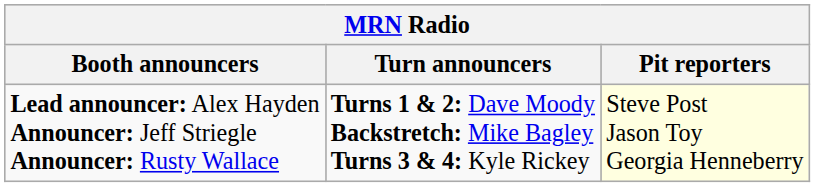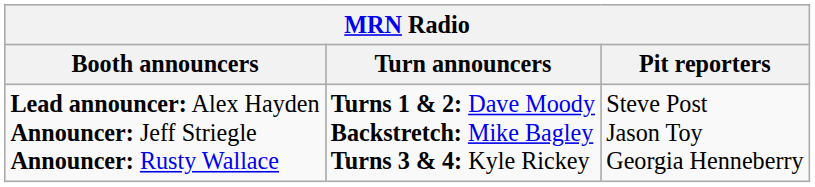 <table class="wikitable" style="font-size: 95%;">
 <tr>
 <th colspan="3"><a href='#'>MRN</a> Radio</th>
 </tr>
 <tr>
 <th>Booth announcers</th>
 <th>Turn announcers</th>
 <th>Pit reporters</th>
 </tr>
 <tr>
 <td><strong>Lead announcer:</strong> Alex Hayden<br><strong>Announcer:</strong> Jeff Striegle<br><strong>Announcer:</strong> <a href='#'>Rusty Wallace</a></td>
 <td><strong>Turns 1 & 2:</strong> <a href='#'>Dave Moody</a><br><strong>Backstretch:</strong> <a href='#'>Mike Bagley</a><br><strong>Turns 3 & 4:</strong> Kyle Rickey</td>
-<td style="background: lightyellow;">Steve Post<br>Jason Toy<br>Georgia Henneberry</td>
+<td>Steve Post<br>Jason Toy<br>Georgia Henneberry</td>
 </tr>
 </table>
